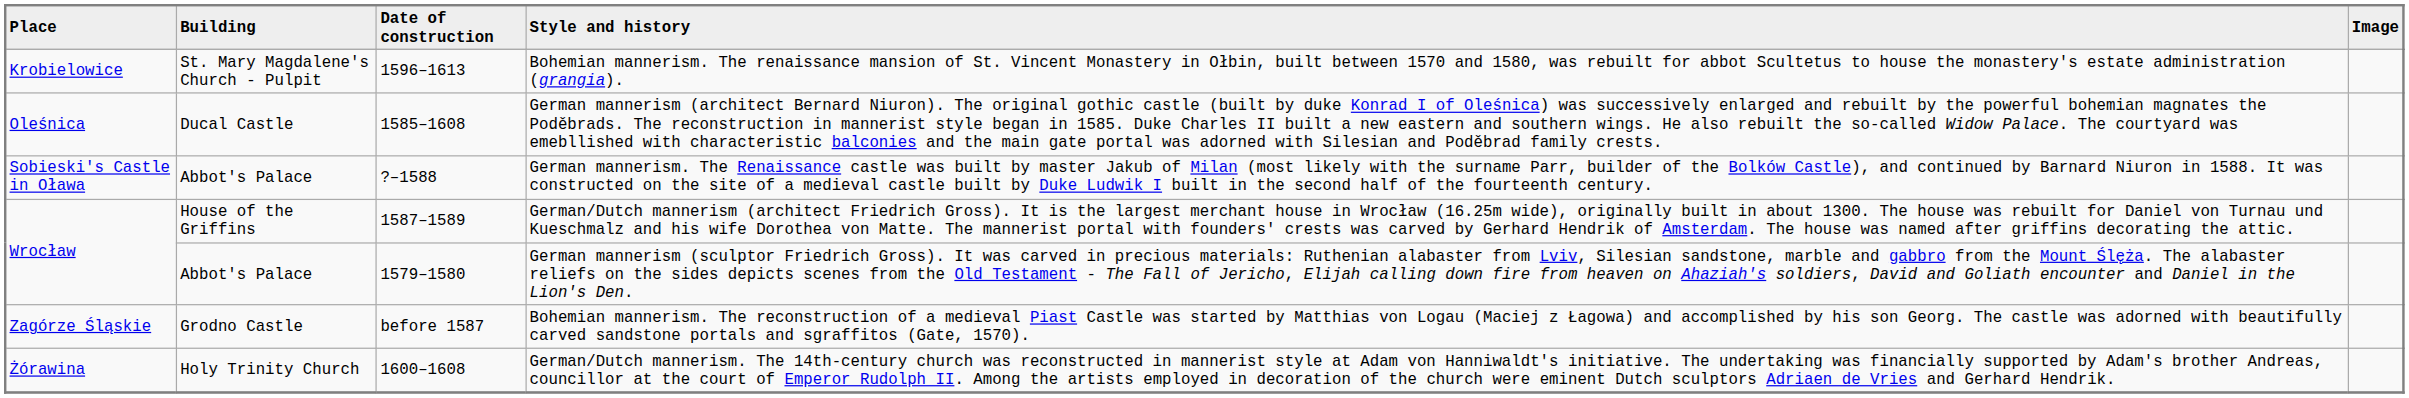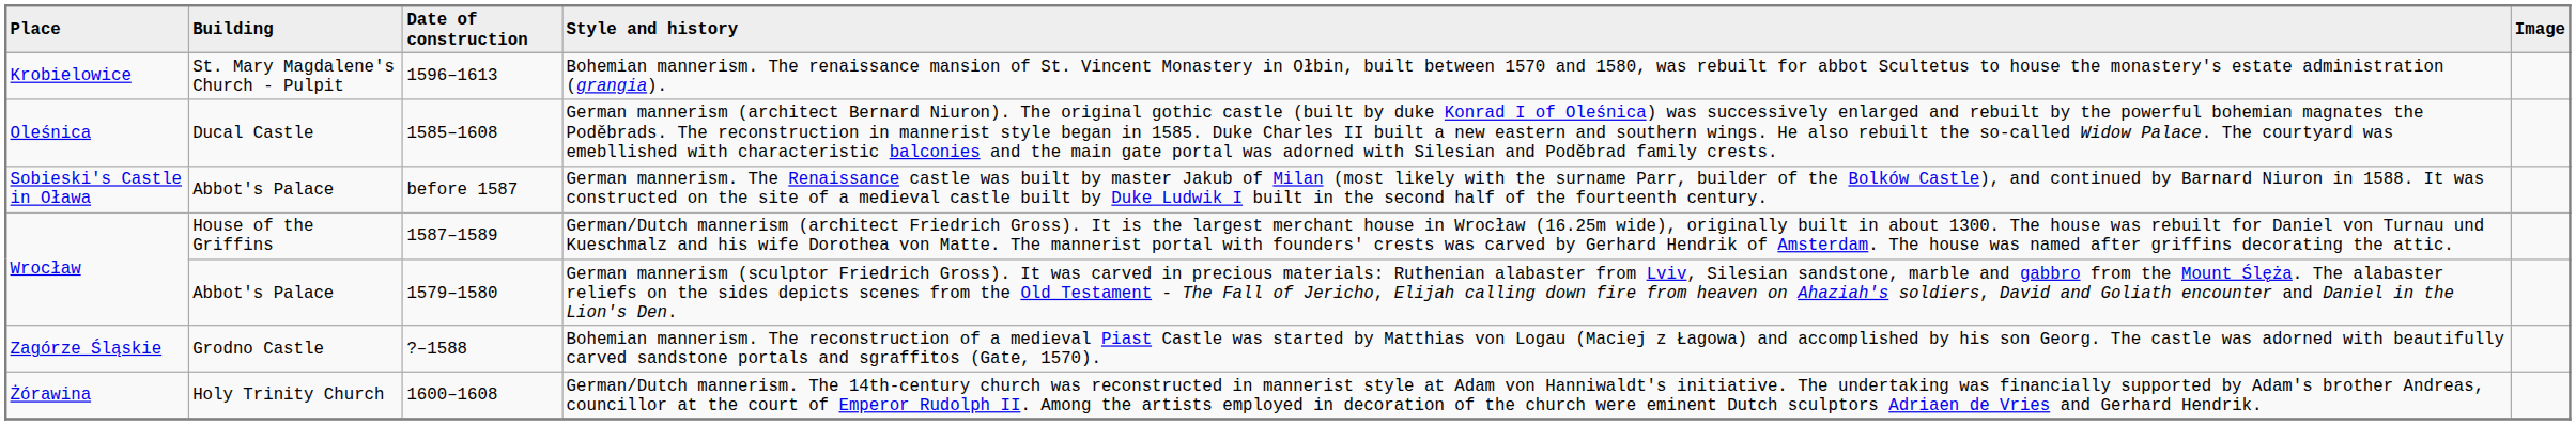 <table class="wikitable" style="border: 2px solid gray; border-collapse: collapse;" width="100%">
 <tr>
 <td bgcolor="#EEEEEE"><strong>Place</strong></td>
 <td bgcolor="#EEEEEE"><strong>Building</strong></td>
 <td bgcolor="#EEEEEE"><strong>Date of construction</strong></td>
 <td bgcolor="#EEEEEE"><strong>Style and history</strong></td>
 <td bgcolor="#EEEEEE"><strong>Image</strong></td>
 </tr>
 <tr>
 </tr>
 <tr>
 <td><a href='#'>Krobielowice</a></td>
 <td>St. Mary Magdalene's Church - Pulpit</td>
 <td>1596–1613</td>
 <td>Bohemian mannerism. The renaissance mansion of St. Vincent Monastery in Ołbin, built between 1570 and 1580, was rebuilt for abbot Scultetus to house the monastery's estate administration (<em><a href='#'>grangia</a></em>).</td>
 <td></td>
 </tr>
 <tr>
 <td><a href='#'>Oleśnica</a></td>
 <td>Ducal Castle</td>
 <td>1585–1608</td>
 <td>German mannerism (architect Bernard Niuron). The original gothic castle (built by duke <a href='#'>Konrad I of Oleśnica</a>) was successively enlarged and rebuilt by the powerful bohemian magnates the Poděbrads. The reconstruction in mannerist style began in 1585. Duke Charles II built a new eastern and southern wings. He also rebuilt the so-called <em>Widow Palace</em>. The courtyard was emebllished with characteristic <a href='#'>balconies</a> and the main gate portal was adorned with Silesian and Poděbrad family crests.</td>
 <td></td>
 </tr>
 <tr>
 <td><a href='#'>Sobieski's Castle in Oława</a></td>
 <td>Abbot's Palace</td>
-<td>?–1588</td>
+<td>before 1587</td>
 <td>German mannerism. The <a href='#'>Renaissance</a> castle was built by master Jakub of <a href='#'>Milan</a> (most likely with the surname Parr, builder of the <a href='#'>Bolków Castle</a>), and continued by Barnard Niuron in 1588.   It was constructed on the site of a medieval castle  built by <a href='#'>Duke Ludwik I</a> built in the second half of the fourteenth century.</td>
 <td></td>
 </tr>
 <tr>
 <td rowspan=2><a href='#'>Wrocław</a></td>
 <td>House of the Griffins</td>
 <td>1587–1589</td>
 <td>German/Dutch mannerism (architect Friedrich Gross). It is the largest merchant house in Wrocław (16.25m wide), originally built in about 1300. The house was rebuilt for Daniel von Turnau und Kueschmalz and his wife Dorothea von Matte. The mannerist portal with founders' crests was carved by Gerhard Hendrik of <a href='#'>Amsterdam</a>. The house was named after griffins decorating the attic.</td>
 <td></td>
 </tr>
 <tr>
 <td>Abbot's Palace</td>
 <td>1579–1580</td>
 <td>German mannerism (sculptor Friedrich Gross). It was carved in precious materials: Ruthenian alabaster from <a href='#'>Lviv</a>, Silesian sandstone, marble and <a href='#'>gabbro</a> from the <a href='#'>Mount Ślęża</a>. The alabaster reliefs on the sides depicts scenes from the <a href='#'>Old Testament</a> - <em>The Fall of Jericho</em>, <em>Elijah calling down fire from heaven on <a href='#'>Ahaziah's</a> soldiers</em>, <em>David and Goliath encounter</em> and <em>Daniel in the Lion's Den</em>.</td>
 <td></td>
 </tr>
 <tr>
 <td><a href='#'>Zagórze Śląskie</a></td>
 <td>Grodno Castle</td>
-<td>before 1587</td>
+<td>?–1588</td>
 <td>Bohemian mannerism. The reconstruction of a medieval <a href='#'>Piast</a> Castle was started by Matthias von Logau (Maciej z Łagowa) and accomplished by his son Georg. The castle was adorned with beautifully carved sandstone portals and sgraffitos (Gate, 1570).</td>
 <td></td>
 </tr>
 <tr>
 <td><a href='#'>Żórawina</a></td>
 <td>Holy Trinity Church</td>
 <td>1600–1608</td>
 <td>German/Dutch mannerism. The 14th-century church was reconstructed in mannerist style at Adam von Hanniwaldt's initiative. The undertaking was financially supported by Adam's brother Andreas, councillor at the court of <a href='#'>Emperor Rudolph II</a>. Among the artists employed in decoration of the church were eminent Dutch sculptors <a href='#'>Adriaen de Vries</a> and Gerhard Hendrik.</td>
 <td></td>
 </tr>
 <tr>
 </tr>
 </table>
